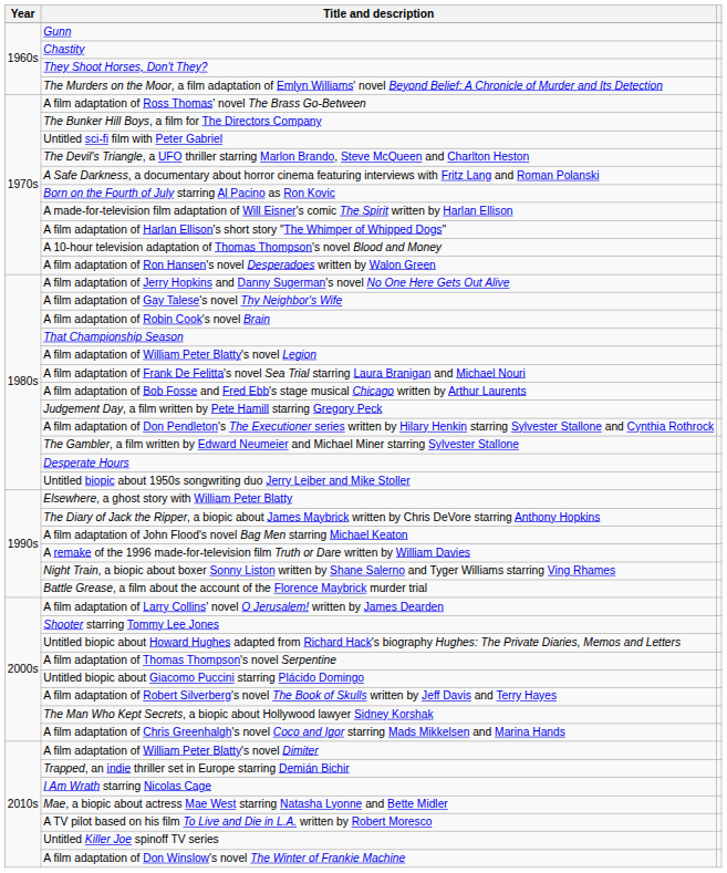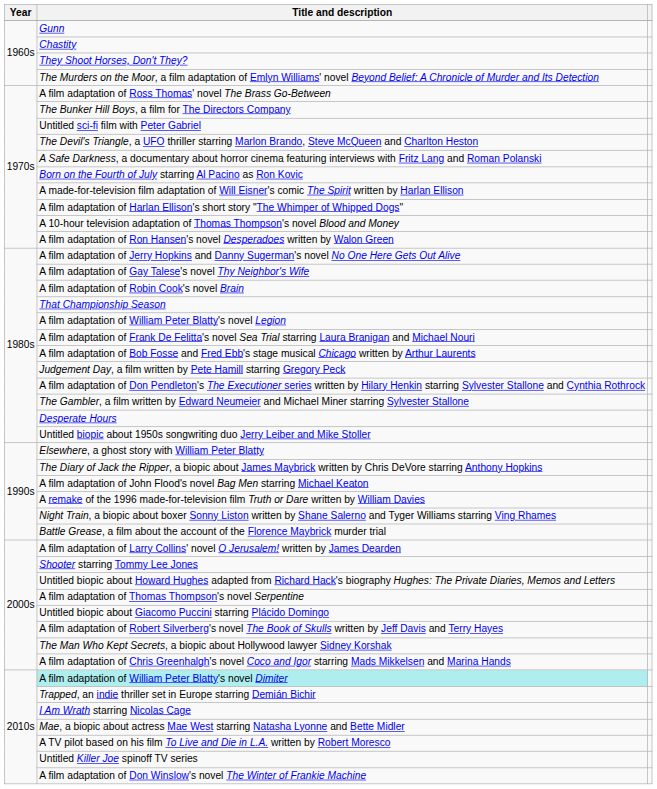 <table class="wikitable plainrowheaders">
 <tr>
 <th scope="col">Year</th>
 <th scope="col">Title and description</th>
 <th scope="col"></th>
 </tr>
 <tr>
 </tr>
 <tr>
 <td rowspan="4">1960s</td>
 <td><em><a href='#'>Gunn</a></em></td>
 <td></td>
 </tr>
 <tr>
 <td><em><a href='#'>Chastity</a></em></td>
 <td></td>
 </tr>
 <tr>
 <td><em><a href='#'>They Shoot Horses, Don't They?</a></em></td>
 <td></td>
 </tr>
 <tr>
 <td><em>The Murders on the Moor</em>, a film adaptation of <a href='#'>Emlyn Williams</a>' novel <em><a href='#'>Beyond Belief: A Chronicle of Murder and Its Detection</a></em></td>
 <td></td>
 </tr>
 <tr>
 <td rowspan="10">1970s</td>
 <td>A film adaptation of <a href='#'>Ross Thomas</a>' novel <em>The Brass Go-Between</em></td>
 <td></td>
 </tr>
 <tr>
 <td><em>The Bunker Hill Boys</em>, a film for <a href='#'>The Directors Company</a></td>
 <td></td>
 </tr>
 <tr>
 <td>Untitled <a href='#'>sci-fi</a> film with <a href='#'>Peter Gabriel</a></td>
 <td></td>
 </tr>
 <tr>
 <td><em>The Devil's Triangle</em>, a <a href='#'>UFO</a> thriller starring <a href='#'>Marlon Brando</a>, <a href='#'>Steve McQueen</a> and <a href='#'>Charlton Heston</a></td>
 <td></td>
 </tr>
 <tr>
 <td><em>A Safe Darkness</em>, a documentary about horror cinema featuring interviews with <a href='#'>Fritz Lang</a> and <a href='#'>Roman Polanski</a></td>
 <td></td>
 </tr>
 <tr>
 <td><em><a href='#'>Born on the Fourth of July</a></em> starring <a href='#'>Al Pacino</a> as <a href='#'>Ron Kovic</a></td>
 <td></td>
 </tr>
 <tr>
 <td>A made-for-television film adaptation of <a href='#'>Will Eisner</a>'s comic <em><a href='#'>The Spirit</a></em> written by <a href='#'>Harlan Ellison</a></td>
 <td></td>
 </tr>
 <tr>
 <td>A film adaptation of <a href='#'>Harlan Ellison</a>'s short story "<a href='#'>The Whimper of Whipped Dogs</a>"</td>
 <td></td>
 </tr>
 <tr>
 <td>A 10-hour television adaptation of <a href='#'>Thomas Thompson</a>'s novel <em>Blood and Money</em></td>
 <td></td>
 </tr>
 <tr>
 <td>A film adaptation of <a href='#'>Ron Hansen</a>'s novel <em><a href='#'>Desperadoes</a></em> written by <a href='#'>Walon Green</a></td>
 <td></td>
 </tr>
 <tr>
 <td rowspan="12">1980s</td>
 <td>A film adaptation of <a href='#'>Jerry Hopkins</a> and <a href='#'>Danny Sugerman</a>'s novel <em><a href='#'>No One Here Gets Out Alive</a></em></td>
 <td></td>
 </tr>
 <tr>
 <td>A film adaptation of <a href='#'>Gay Talese</a>'s novel <em><a href='#'>Thy Neighbor's Wife</a></em></td>
 <td></td>
 </tr>
 <tr>
 <td>A film adaptation of <a href='#'>Robin Cook</a>'s novel <em><a href='#'>Brain</a></em></td>
 <td></td>
 </tr>
 <tr>
 <td><em><a href='#'>That Championship Season</a></em></td>
 <td></td>
 </tr>
 <tr>
 <td>A film adaptation of <a href='#'>William Peter Blatty</a>'s novel <em><a href='#'>Legion</a></em></td>
 <td></td>
 </tr>
 <tr>
 <td>A film adaptation of <a href='#'>Frank De Felitta</a>'s novel <em>Sea Trial</em> starring <a href='#'>Laura Branigan</a> and <a href='#'>Michael Nouri</a></td>
 <td></td>
 </tr>
 <tr>
 <td>A film adaptation of <a href='#'>Bob Fosse</a> and <a href='#'>Fred Ebb</a>'s stage musical <em><a href='#'>Chicago</a></em> written by <a href='#'>Arthur Laurents</a></td>
 <td></td>
 </tr>
 <tr>
 <td><em>Judgement Day</em>, a film written by <a href='#'>Pete Hamill</a> starring <a href='#'>Gregory Peck</a></td>
 <td></td>
 </tr>
 <tr>
 <td>A film adaptation of <a href='#'>Don Pendleton</a>'s <a href='#'><em>The Executioner</em> series</a> written by <a href='#'>Hilary Henkin</a> starring <a href='#'>Sylvester Stallone</a> and <a href='#'>Cynthia Rothrock</a></td>
 <td></td>
 </tr>
 <tr>
 <td><em>The Gambler</em>, a film written by <a href='#'>Edward Neumeier</a> and Michael Miner starring <a href='#'>Sylvester Stallone</a></td>
 <td></td>
 </tr>
 <tr>
 <td><em><a href='#'>Desperate Hours</a></em></td>
 <td></td>
 </tr>
 <tr>
 <td>Untitled <a href='#'>biopic</a> about 1950s songwriting duo <a href='#'>Jerry Leiber and Mike Stoller</a></td>
 <td></td>
 </tr>
 <tr>
 <td rowspan="6">1990s</td>
 <td><em>Elsewhere</em>, a ghost story with <a href='#'>William Peter Blatty</a></td>
 <td></td>
 </tr>
 <tr>
 <td><em>The Diary of Jack the Ripper</em>, a biopic about <a href='#'>James Maybrick</a> written by Chris DeVore starring <a href='#'>Anthony Hopkins</a></td>
 <td></td>
 </tr>
 <tr>
 <td>A film adaptation of John Flood's novel <em>Bag Men</em> starring <a href='#'>Michael Keaton</a></td>
 <td></td>
 </tr>
 <tr>
 <td>A <a href='#'>remake</a> of the 1996 made-for-television film <em>Truth or Dare</em> written by <a href='#'>William Davies</a></td>
 <td></td>
 </tr>
 <tr>
 <td><em>Night Train</em>, a biopic about boxer <a href='#'>Sonny Liston</a> written by <a href='#'>Shane Salerno</a> and Tyger Williams starring <a href='#'>Ving Rhames</a></td>
 <td></td>
 </tr>
 <tr>
 <td><em>Battle Grease</em>, a film about the account of the <a href='#'>Florence Maybrick</a> murder trial</td>
 <td></td>
 </tr>
 <tr>
 <td rowspan="8">2000s</td>
 <td>A film adaptation of <a href='#'>Larry Collins</a>' novel <em><a href='#'>O Jerusalem!</a></em> written by <a href='#'>James Dearden</a></td>
 <td></td>
 </tr>
 <tr>
 <td><em><a href='#'>Shooter</a></em> starring <a href='#'>Tommy Lee Jones</a></td>
 <td></td>
 </tr>
 <tr>
 <td>Untitled biopic about <a href='#'>Howard Hughes</a> adapted from <a href='#'>Richard Hack</a>'s biography <em>Hughes: The Private Diaries, Memos and Letters</em></td>
 <td></td>
 </tr>
 <tr>
 <td>A film adaptation of <a href='#'>Thomas Thompson</a>'s novel <em>Serpentine</em></td>
 <td></td>
 </tr>
 <tr>
 <td>Untitled biopic about <a href='#'>Giacomo Puccini</a> starring <a href='#'>Plácido Domingo</a></td>
 <td></td>
 </tr>
 <tr>
 <td>A film adaptation of <a href='#'>Robert Silverberg</a>'s novel <em><a href='#'>The Book of Skulls</a></em> written by <a href='#'>Jeff Davis</a> and <a href='#'>Terry Hayes</a></td>
 <td></td>
 </tr>
 <tr>
 <td><em>The Man Who Kept Secrets</em>, a biopic about Hollywood lawyer <a href='#'>Sidney Korshak</a></td>
 <td></td>
 </tr>
 <tr>
 <td>A film adaptation of <a href='#'>Chris Greenhalgh</a>'s novel <em><a href='#'>Coco and Igor</a></em> starring <a href='#'>Mads Mikkelsen</a> and <a href='#'>Marina Hands</a></td>
 <td></td>
 </tr>
 <tr>
 <td rowspan="7">2010s</td>
-<td>A film adaptation of <a href='#'>William Peter Blatty</a>'s novel <em><a href='#'>Dimiter</a></em></td>
+<td style="background: paleturquoise;">A film adaptation of <a href='#'>William Peter Blatty</a>'s novel <em><a href='#'>Dimiter</a></em></td>
 <td></td>
 </tr>
 <tr>
 <td><em>Trapped</em>, an <a href='#'>indie</a> thriller set in Europe starring <a href='#'>Demián Bichir</a></td>
 <td></td>
 </tr>
 <tr>
 <td><em><a href='#'>I Am Wrath</a></em> starring <a href='#'>Nicolas Cage</a></td>
 <td></td>
 </tr>
 <tr>
 <td><em>Mae</em>, a biopic about actress <a href='#'>Mae West</a> starring <a href='#'>Natasha Lyonne</a> and <a href='#'>Bette Midler</a></td>
 <td></td>
 </tr>
 <tr>
 <td>A TV pilot based on his film <em><a href='#'>To Live and Die in L.A.</a></em> written by <a href='#'>Robert Moresco</a></td>
 <td></td>
 </tr>
 <tr>
 <td>Untitled <em><a href='#'>Killer Joe</a></em> spinoff TV series</td>
 <td></td>
 </tr>
 <tr>
 <td>A film adaptation of <a href='#'>Don Winslow</a>'s novel <em><a href='#'>The Winter of Frankie Machine</a></em></td>
 <td></td>
 </tr>
 </table>
